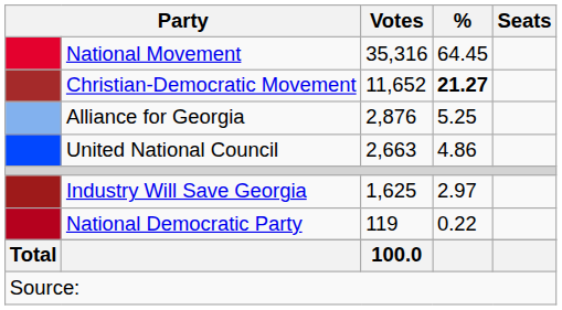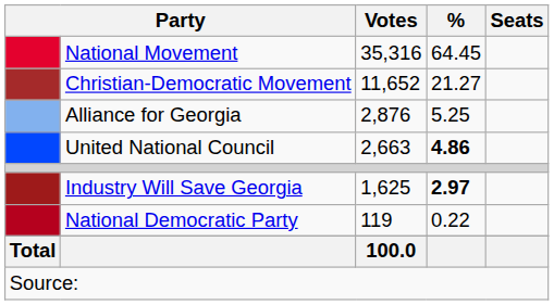 <table class="wikitable">
 <tr>
 <th colspan="2">Party</th>
 <th scope="col">Votes</th>
 <th scope="col">%</th>
 <th scope="col">Seats</th>
 </tr>
 <tr>
 <td style="background:#e4012e"></td>
 <td align=left><a href='#'>National Movement</a></td>
 <td>35,316</td>
 <td>64.45</td>
 <td align=right></td>
 </tr>
 <tr>
 <td style="background:#A52A2A"></td>
 <td align=left><a href='#'>Christian-Democratic Movement</a></td>
 <td>11,652</td>
-<td><strong>21.27</strong></td>
+<td>21.27</td>
 <td align=right></td>
 </tr>
 <tr>
 <td style="background:#82B1EE"></td>
 <td align=left>Alliance for Georgia</td>
 <td>2,876</td>
 <td>5.25</td>
 <td align=right></td>
 </tr>
 <tr>
 <td style="background:#0247FE"></td>
 <td align=left>United National Council</td>
 <td>2,663</td>
-<td>4.86</td>
+<td><strong>4.86</strong></td>
 <td align=right></td>
 </tr>
 <tr>
 <td colspan=5 bgcolor=lightgrey></td>
 </tr>
 <tr>
 <td style="background:#9E1A1A"></td>
 <td align=left><a href='#'>Industry Will Save Georgia</a></td>
 <td>1,625</td>
-<td>2.97</td>
+<td><strong>2.97</strong></td>
 <td align=right></td>
 </tr>
 <tr>
 <td style="background:#b5011e"></td>
 <td align=left><a href='#'>National Democratic Party</a></td>
 <td>119</td>
 <td>0.22</td>
 <td align=right></td>
 </tr>
 <tr>
 </tr>
 <tr>
 <th colspan=1>Total</th>
 <th></th>
 <th>100.0</th>
 <th></th>
 <th></th>
 </tr>
 <tr>
 <td colspan=5>Source: </td>
 </tr>
 </table>
